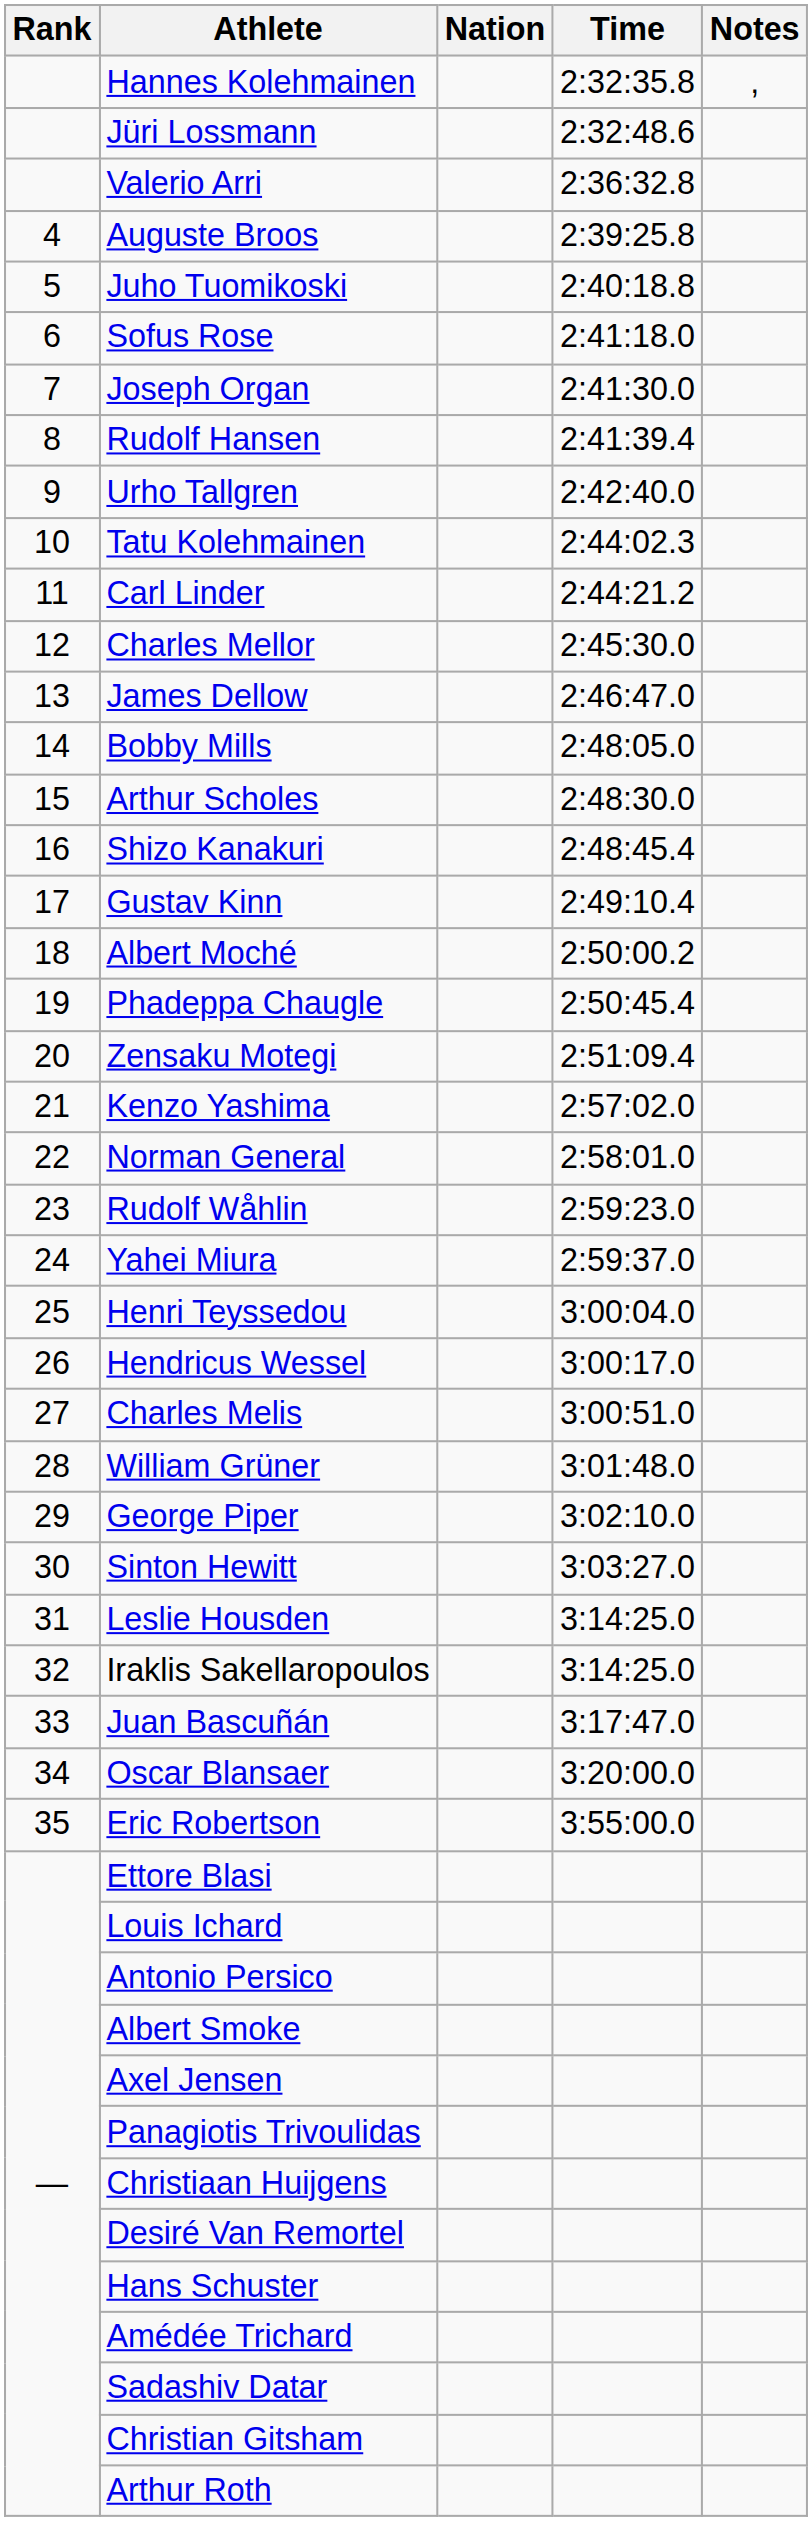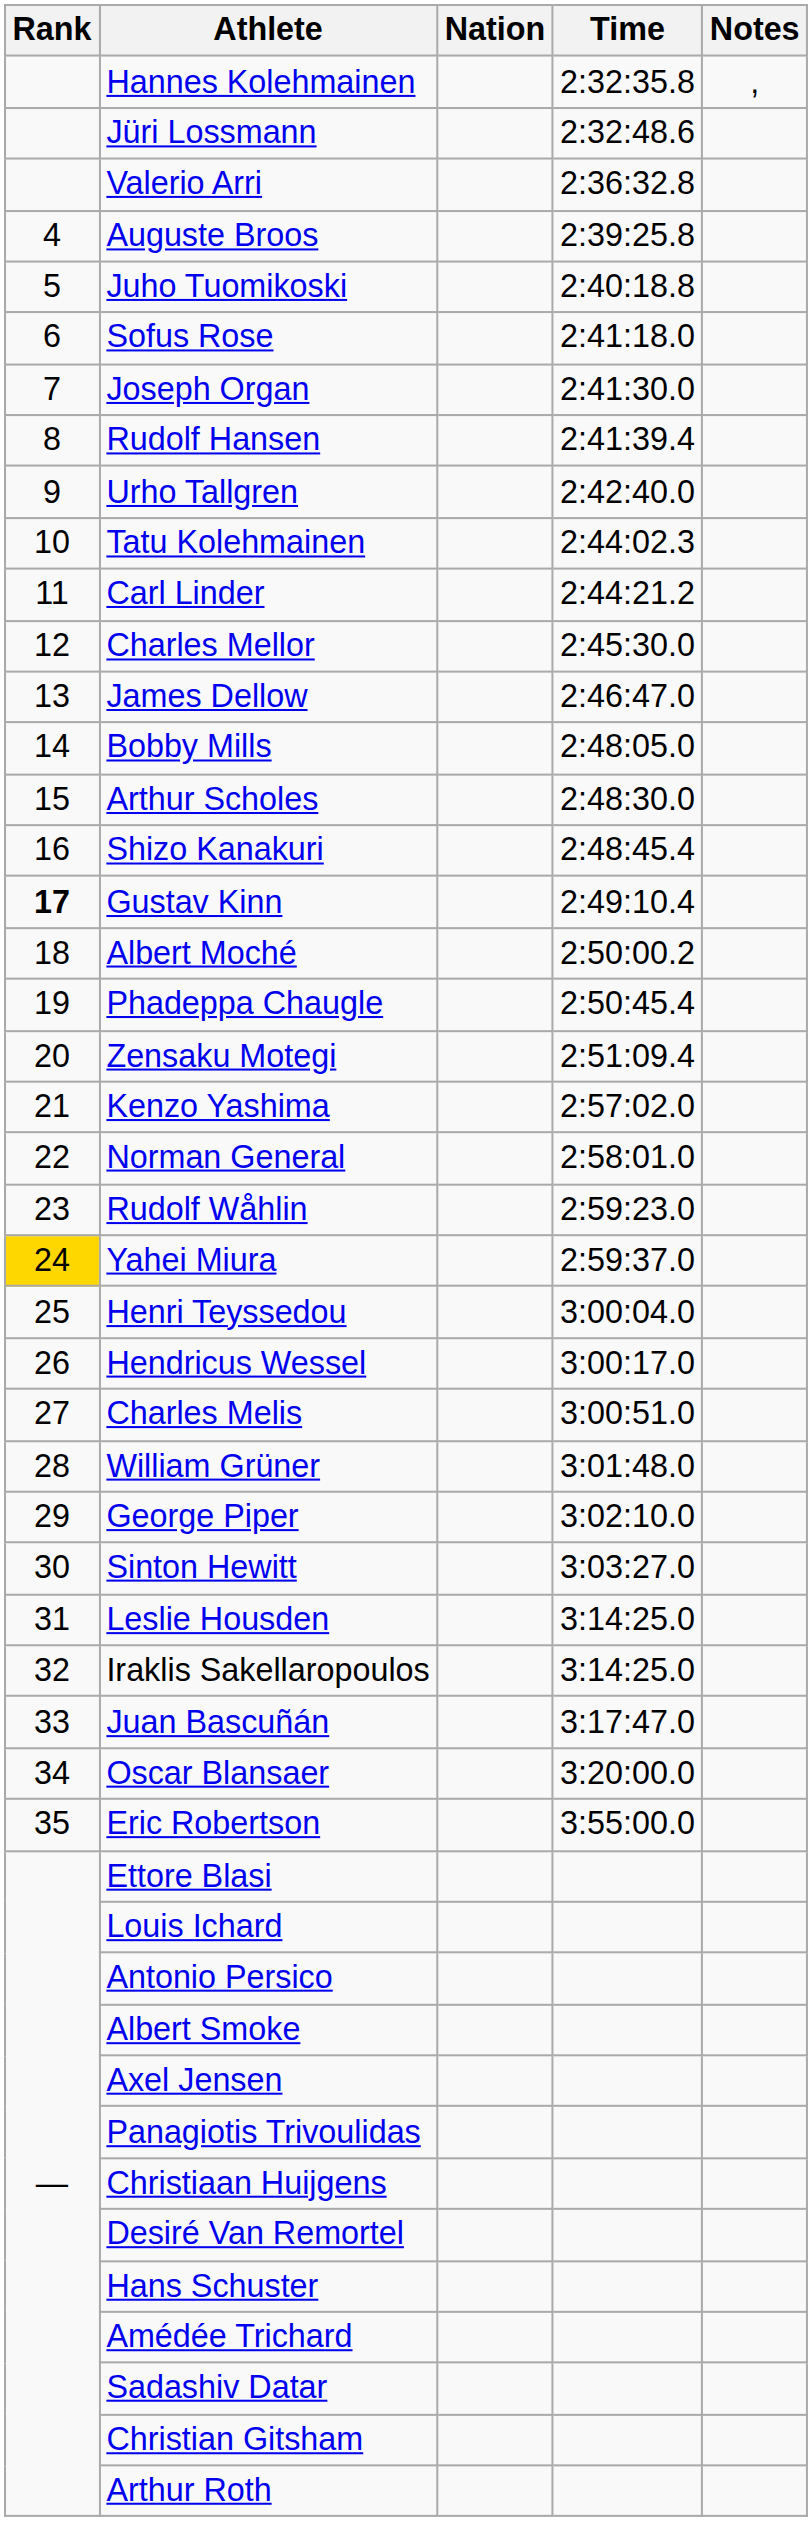 <table class="wikitable sortable" style="text-align:center">
 <tr>
 <th>Rank</th>
 <th>Athlete</th>
 <th>Nation</th>
 <th>Time</th>
 <th>Notes</th>
 </tr>
 <tr>
 <td></td>
 <td align=left><a href='#'>Hannes Kolehmainen</a></td>
 <td align=left></td>
 <td>2:32:35.8</td>
 <td>, </td>
 </tr>
 <tr>
 <td></td>
 <td align=left><a href='#'>Jüri Lossmann</a></td>
 <td align=left></td>
 <td>2:32:48.6</td>
 <td></td>
 </tr>
 <tr>
 <td></td>
 <td align=left><a href='#'>Valerio Arri</a></td>
 <td align=left></td>
 <td>2:36:32.8</td>
 <td></td>
 </tr>
 <tr>
 <td>4</td>
 <td align=left><a href='#'>Auguste Broos</a></td>
 <td align=left></td>
 <td>2:39:25.8</td>
 <td></td>
 </tr>
 <tr>
 <td>5</td>
 <td align=left><a href='#'>Juho Tuomikoski</a></td>
 <td align=left></td>
 <td>2:40:18.8</td>
 <td></td>
 </tr>
 <tr>
 <td>6</td>
 <td align=left><a href='#'>Sofus Rose</a></td>
 <td align=left></td>
 <td>2:41:18.0</td>
 <td></td>
 </tr>
 <tr>
 <td>7</td>
 <td align=left><a href='#'>Joseph Organ</a></td>
 <td align=left></td>
 <td>2:41:30.0</td>
 <td></td>
 </tr>
 <tr>
 <td>8</td>
 <td align=left><a href='#'>Rudolf Hansen</a></td>
 <td align=left></td>
 <td>2:41:39.4</td>
 <td></td>
 </tr>
 <tr>
 <td>9</td>
 <td align=left><a href='#'>Urho Tallgren</a></td>
 <td align=left></td>
 <td>2:42:40.0</td>
 <td></td>
 </tr>
 <tr>
 <td>10</td>
 <td align=left><a href='#'>Tatu Kolehmainen</a></td>
 <td align=left></td>
 <td>2:44:02.3</td>
 <td></td>
 </tr>
 <tr>
 <td>11</td>
 <td align=left><a href='#'>Carl Linder</a></td>
 <td align=left></td>
 <td>2:44:21.2</td>
 <td></td>
 </tr>
 <tr>
 <td>12</td>
 <td align=left><a href='#'>Charles Mellor</a></td>
 <td align=left></td>
 <td>2:45:30.0</td>
 <td></td>
 </tr>
 <tr>
 <td>13</td>
 <td align=left><a href='#'>James Dellow</a></td>
 <td align=left></td>
 <td>2:46:47.0</td>
 <td></td>
 </tr>
 <tr>
 <td>14</td>
 <td align=left><a href='#'>Bobby Mills</a></td>
 <td align=left></td>
 <td>2:48:05.0</td>
 <td></td>
 </tr>
 <tr>
 <td>15</td>
 <td align=left><a href='#'>Arthur Scholes</a></td>
 <td align=left></td>
 <td>2:48:30.0</td>
 <td></td>
 </tr>
 <tr>
 <td>16</td>
 <td align=left><a href='#'>Shizo Kanakuri</a></td>
 <td align=left></td>
 <td>2:48:45.4</td>
 <td></td>
 </tr>
 <tr>
-<td>17</td>
+<td><strong>17</strong></td>
 <td align=left><a href='#'>Gustav Kinn</a></td>
 <td align=left></td>
 <td>2:49:10.4</td>
 <td></td>
 </tr>
 <tr>
 <td>18</td>
 <td align=left><a href='#'>Albert Moché</a></td>
 <td align=left></td>
 <td>2:50:00.2</td>
 <td></td>
 </tr>
 <tr>
 <td>19</td>
 <td align=left><a href='#'>Phadeppa Chaugle</a></td>
 <td align=left></td>
 <td>2:50:45.4</td>
 <td></td>
 </tr>
 <tr>
 <td>20</td>
 <td align=left><a href='#'>Zensaku Motegi</a></td>
 <td align=left></td>
 <td>2:51:09.4</td>
 <td></td>
 </tr>
 <tr>
 <td>21</td>
 <td align=left><a href='#'>Kenzo Yashima</a></td>
 <td align=left></td>
 <td>2:57:02.0</td>
 <td></td>
 </tr>
 <tr>
 <td>22</td>
 <td align=left><a href='#'>Norman General</a></td>
 <td align=left></td>
 <td>2:58:01.0</td>
 <td></td>
 </tr>
 <tr>
 <td>23</td>
 <td align=left><a href='#'>Rudolf Wåhlin</a></td>
 <td align=left></td>
 <td>2:59:23.0</td>
 <td></td>
 </tr>
 <tr>
-<td>24</td>
+<td style="background: gold;">24</td>
 <td align=left><a href='#'>Yahei Miura</a></td>
 <td align=left></td>
 <td>2:59:37.0</td>
 <td></td>
 </tr>
 <tr>
 <td>25</td>
 <td align=left><a href='#'>Henri Teyssedou</a></td>
 <td align=left></td>
 <td>3:00:04.0</td>
 <td></td>
 </tr>
 <tr>
 <td>26</td>
 <td align=left><a href='#'>Hendricus Wessel</a></td>
 <td align=left></td>
 <td>3:00:17.0</td>
 <td></td>
 </tr>
 <tr>
 <td>27</td>
 <td align=left><a href='#'>Charles Melis</a></td>
 <td align=left></td>
 <td>3:00:51.0</td>
 <td></td>
 </tr>
 <tr>
 <td>28</td>
 <td align=left><a href='#'>William Grüner</a></td>
 <td align=left></td>
 <td>3:01:48.0</td>
 <td></td>
 </tr>
 <tr>
 <td>29</td>
 <td align=left><a href='#'>George Piper</a></td>
 <td align=left></td>
 <td>3:02:10.0</td>
 <td></td>
 </tr>
 <tr>
 <td>30</td>
 <td align=left><a href='#'>Sinton Hewitt</a></td>
 <td align=left></td>
 <td>3:03:27.0</td>
 <td></td>
 </tr>
 <tr>
 <td>31</td>
 <td align=left><a href='#'>Leslie Housden</a></td>
 <td align=left></td>
 <td>3:14:25.0</td>
 <td></td>
 </tr>
 <tr>
 <td>32</td>
 <td align=left>Iraklis Sakellaropoulos</td>
 <td align=left></td>
 <td>3:14:25.0</td>
 <td></td>
 </tr>
 <tr>
 <td>33</td>
 <td align=left><a href='#'>Juan Bascuñán</a></td>
 <td align=left></td>
 <td>3:17:47.0</td>
 <td></td>
 </tr>
 <tr>
 <td>34</td>
 <td align=left><a href='#'>Oscar Blansaer</a></td>
 <td align=left></td>
 <td>3:20:00.0</td>
 <td></td>
 </tr>
 <tr>
 <td>35</td>
 <td align=left><a href='#'>Eric Robertson</a></td>
 <td align=left></td>
 <td>3:55:00.0</td>
 <td></td>
 </tr>
 <tr>
 <td rowspan=13 data-sort-value=36>—</td>
 <td align=left><a href='#'>Ettore Blasi</a></td>
 <td align=left></td>
 <td data-sort-value=4:00:00.0></td>
 <td></td>
 </tr>
 <tr>
 <td align=left><a href='#'>Louis Ichard</a></td>
 <td align=left></td>
 <td data-sort-value=4:00:00.0></td>
 <td></td>
 </tr>
 <tr>
 <td align=left><a href='#'>Antonio Persico</a></td>
 <td align=left></td>
 <td data-sort-value=4:00:00.0></td>
 <td></td>
 </tr>
 <tr>
 <td align=left><a href='#'>Albert Smoke</a></td>
 <td align=left></td>
 <td data-sort-value=4:00:00.0></td>
 <td></td>
 </tr>
 <tr>
 <td align=left><a href='#'>Axel Jensen</a></td>
 <td align=left></td>
 <td data-sort-value=4:00:00.0></td>
 <td></td>
 </tr>
 <tr>
 <td align=left><a href='#'>Panagiotis Trivoulidas</a></td>
 <td align=left></td>
 <td data-sort-value=4:00:00.0></td>
 <td></td>
 </tr>
 <tr>
 <td align=left><a href='#'>Christiaan Huijgens</a></td>
 <td align=left></td>
 <td data-sort-value=4:00:00.0></td>
 <td></td>
 </tr>
 <tr>
 <td align=left><a href='#'>Desiré Van Remortel</a></td>
 <td align=left></td>
 <td data-sort-value=4:00:00.0></td>
 <td></td>
 </tr>
 <tr>
 <td align=left><a href='#'>Hans Schuster</a></td>
 <td align=left></td>
 <td data-sort-value=4:00:00.0></td>
 <td></td>
 </tr>
 <tr>
 <td align=left><a href='#'>Amédée Trichard</a></td>
 <td align=left></td>
 <td data-sort-value=4:00:00.0></td>
 <td></td>
 </tr>
 <tr>
 <td align=left><a href='#'>Sadashiv Datar</a></td>
 <td align=left></td>
 <td data-sort-value=4:00:00.0></td>
 <td></td>
 </tr>
 <tr>
 <td align=left><a href='#'>Christian Gitsham</a></td>
 <td align=left></td>
 <td data-sort-value=4:00:00.0></td>
 <td></td>
 </tr>
 <tr>
 <td align=left><a href='#'>Arthur Roth</a></td>
 <td align=left></td>
 <td data-sort-value=4:00:00.0></td>
 <td></td>
 </tr>
 </table>
